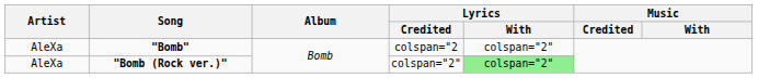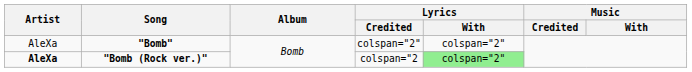 <table class="wikitable" style="text-align:center;">
 <tr>
 <th rowspan="2" style="width:7.5em;">Artist</th>
 <th rowspan="2" style="width:15em;">Song</th>
 <th rowspan="2" style="width:12.5em;">Album</th>
 <th colspan="2" style="width:16em;">Lyrics</th>
 <th colspan="2" style="width:16em;">Music</th>
 </tr>
 <tr>
 <th style="width:6em;">Credited</th>
 <th style="width:10em;">With</th>
 <th style="width:6em;">Credited</th>
 <th style="width:10em;">With</th>
 </tr>
 <tr>
 <td>AleXa</td>
 <td><strong>"Bomb"</strong></td>
 <td rowspan="2"><em>Bomb</em></td>
-<td>colspan="2 </td>
+<td>colspan="2" </td>
 <td>colspan="2" </td>
 </tr>
 <tr>
-<td>AleXa</td>
+<td><strong>AleXa</strong></td>
 <td><strong>"Bomb (Rock ver.)"</strong></td>
-<td>colspan="2" </td>
+<td>colspan="2 </td>
 <td style="background: lightgreen;">colspan="2" </td>
 </tr>
 </table>
